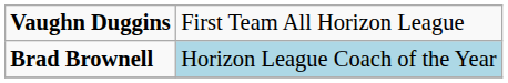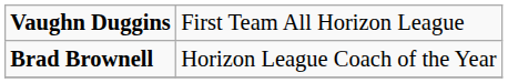 <table class="wikitable">
 <tr>
 <td><strong>Vaughn Duggins</strong></td>
 <td>First Team All Horizon League</td>
 </tr>
 <tr>
 <td><strong>Brad Brownell</strong></td>
-<td style="background: lightblue;">Horizon League Coach of the Year</td>
+<td>Horizon League Coach of the Year</td>
 </tr>
 <tr>
 </tr>
 </table>
